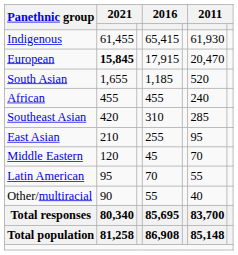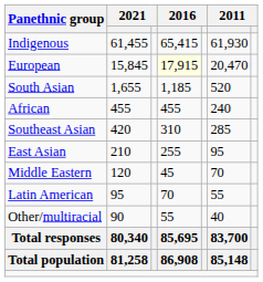 <table class="wikitable collapsible sortable">
 <tr>
 <th rowspan="2"><a href='#'>Panethnic</a> group</th>
 <th colspan="2">2021</th>
 <th colspan="2">2016</th>
 <th colspan="2">2011</th>
 </tr>
 <tr>
 <th><a href='#'></a></th>
 <th></th>
 <th></th>
 <th></th>
 <th></th>
 <th></th>
 </tr>
 <tr>
 <td><a href='#'>Indigenous</a></td>
 <td>61,455</td>
 <td></td>
 <td>65,415</td>
 <td></td>
 <td>61,930</td>
 <td></td>
 </tr>
 <tr>
 <td><a href='#'>European</a></td>
-<td><strong>15,845</strong></td>
+<td>15,845</td>
 <td></td>
-<td>17,915</td>
+<td style="background: lightyellow;">17,915</td>
 <td></td>
 <td>20,470</td>
 <td></td>
 </tr>
 <tr>
 <td><a href='#'>South Asian</a></td>
 <td>1,655</td>
 <td></td>
 <td>1,185</td>
 <td></td>
 <td>520</td>
 <td></td>
 </tr>
 <tr>
 <td><a href='#'>African</a></td>
 <td>455</td>
 <td></td>
 <td>455</td>
 <td></td>
 <td>240</td>
 <td></td>
 </tr>
 <tr>
 <td><a href='#'>Southeast Asian</a></td>
 <td>420</td>
 <td></td>
 <td>310</td>
 <td></td>
 <td>285</td>
 <td></td>
 </tr>
 <tr>
 <td><a href='#'>East Asian</a></td>
 <td>210</td>
 <td></td>
 <td>255</td>
 <td></td>
 <td>95</td>
 <td></td>
 </tr>
 <tr>
 <td><a href='#'>Middle Eastern</a></td>
 <td>120</td>
 <td></td>
 <td>45</td>
 <td></td>
 <td>70</td>
 <td></td>
 </tr>
 <tr>
 <td><a href='#'>Latin American</a></td>
 <td>95</td>
 <td></td>
 <td>70</td>
 <td></td>
 <td>55</td>
 <td></td>
 </tr>
 <tr>
 <td>Other/<a href='#'>multiracial</a></td>
 <td>90</td>
 <td></td>
 <td>55</td>
 <td></td>
 <td>40</td>
 <td></td>
 </tr>
 <tr>
 <th>Total responses</th>
 <th>80,340</th>
 <th></th>
 <th>85,695</th>
 <th></th>
 <th>83,700</th>
 <th></th>
 </tr>
 <tr class="sortbottom">
 <th>Total population</th>
 <th>81,258</th>
 <th></th>
 <th>86,908</th>
 <th></th>
 <th>85,148</th>
 <th></th>
 </tr>
 <tr class="sortbottom">
 <td colspan="15"></td>
 </tr>
 </table>
